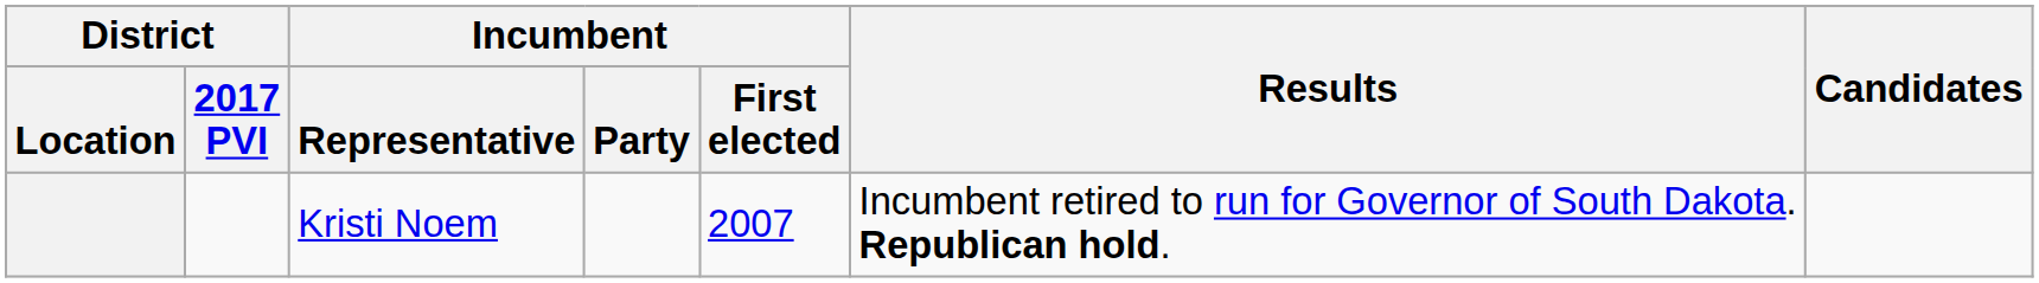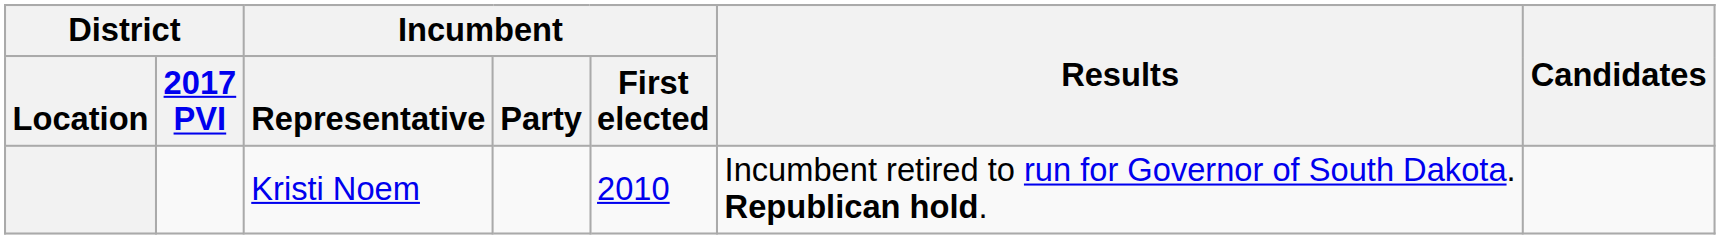 <table class="wikitable sortable">
 <tr>
 <th colspan=2>District</th>
 <th colspan=3>Incumbent</th>
 <th rowspan=2>Results</th>
 <th rowspan=2 class="unsortable">Candidates</th>
 </tr>
 <tr valign=bottom>
 <th>Location</th>
 <th><a href='#'>2017<br>PVI</a></th>
 <th>Representative</th>
 <th>Party</th>
 <th>First<br>elected</th>
 </tr>
 <tr>
 <th></th>
 <td></td>
 <td><a href='#'>Kristi Noem</a></td>
 <td></td>
-<td><a href='#'>2007</a></td>
+<td><a href='#'>2010</a></td>
 <td>Incumbent retired to <a href='#'>run for Governor of South Dakota</a>.<br><strong>Republican hold</strong>.</td>
 <td nowrap></td>
 </tr>
 </table>
